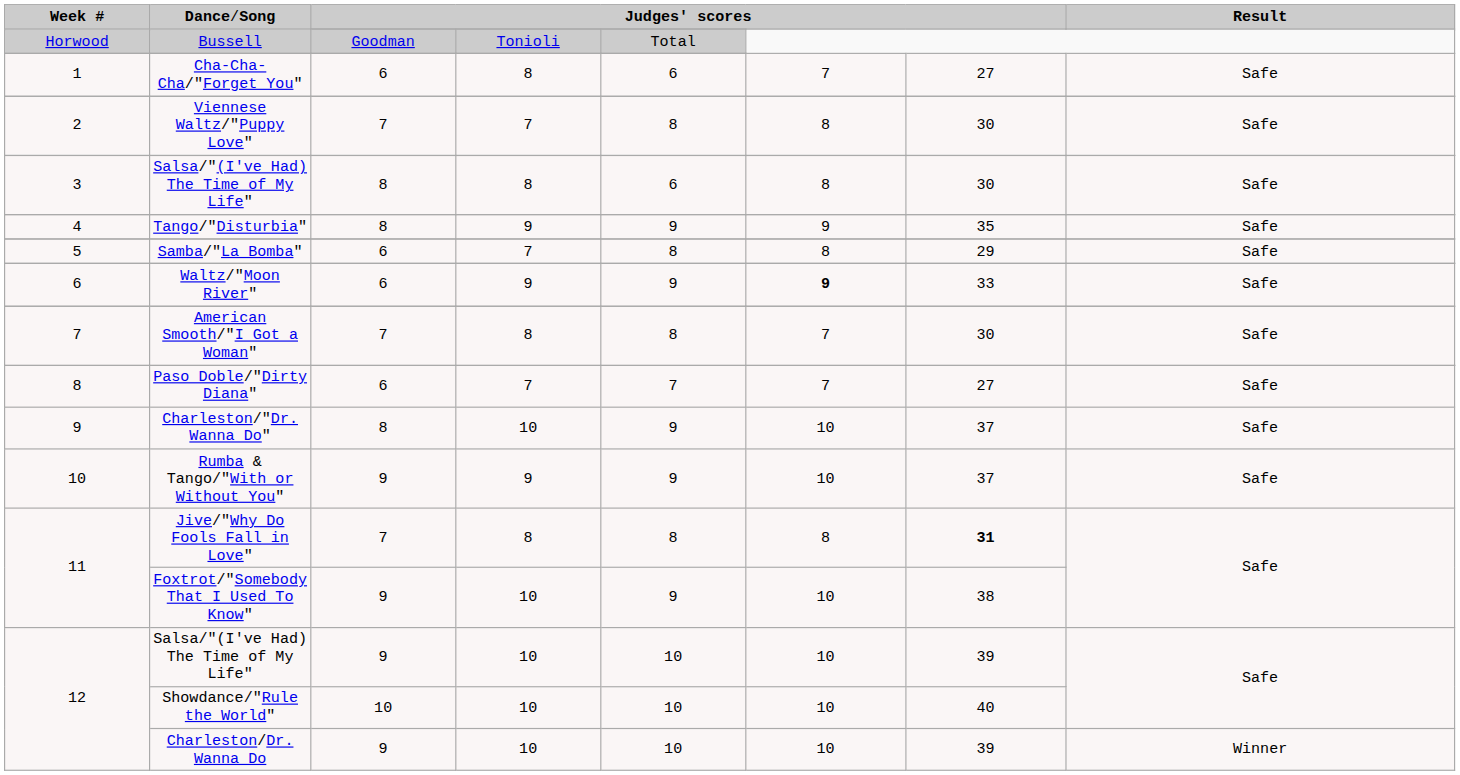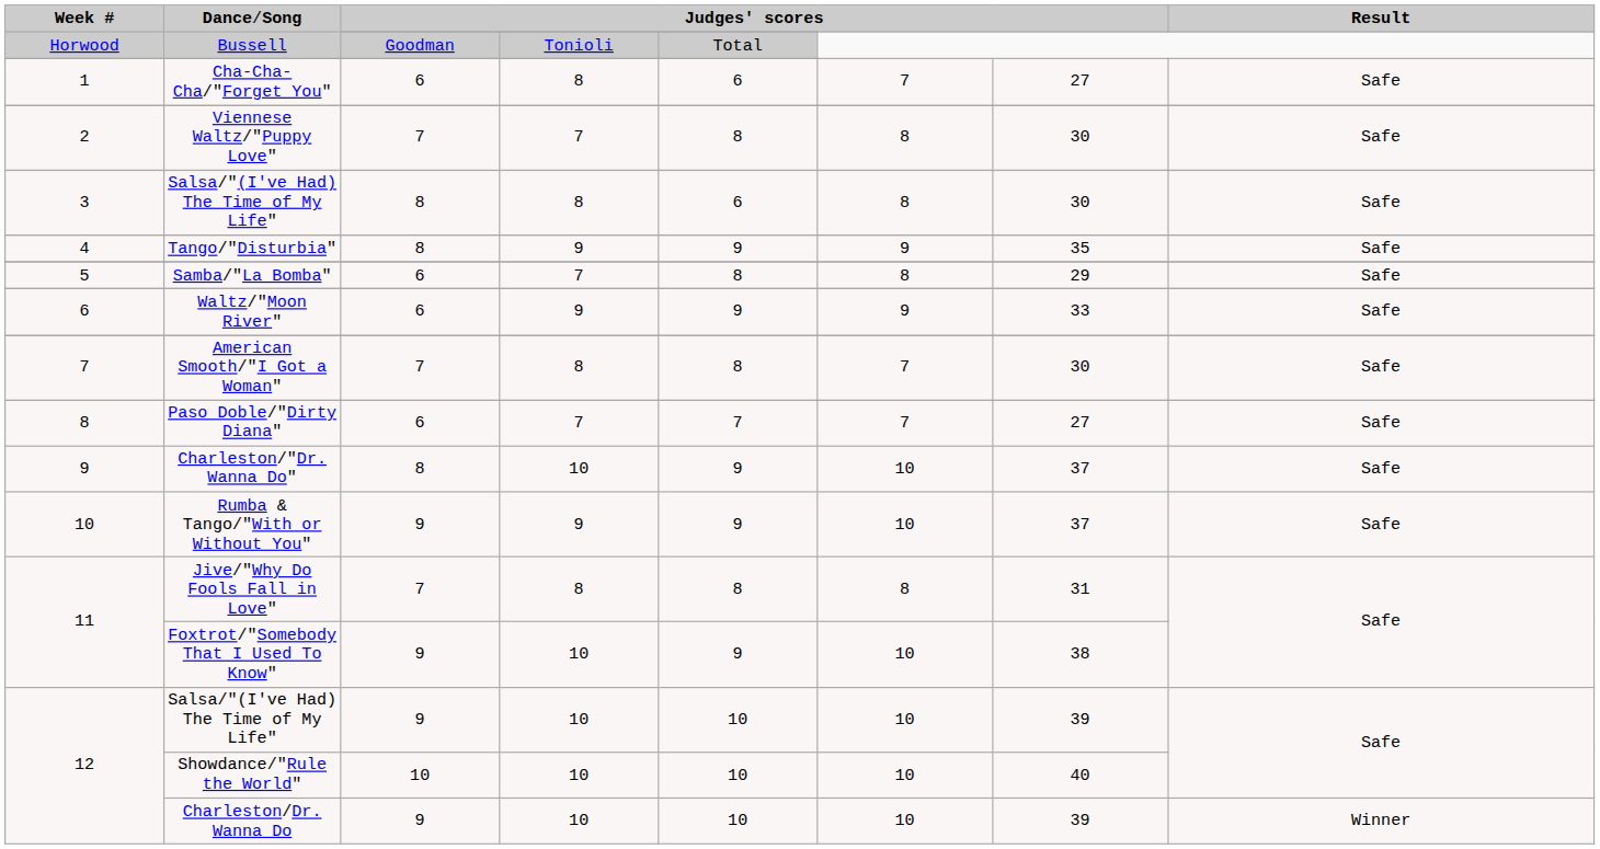 <table class="wikitable" align="left">
 <tr>
 <td rowspan="2" bgcolor="CCCCCC" align="Center"><strong>Week #</strong></td>
 <td rowspan="2" bgcolor="CCCCCC" align="Center"><strong>Dance</strong>/<strong>Song</strong></td>
 <td colspan="5" bgcolor="CCCCCC" align="Center"><strong>Judges' scores</strong></td>
 <td rowspan="2" bgcolor="CCCCCC" align="Center"><strong>Result</strong></td>
 </tr>
 <tr>
 </tr>
 <tr>
 <td bgcolor="CCCCCC" width="10%" align="center"><a href='#'>Horwood</a></td>
 <td bgcolor="CCCCCC" width="10%" align="center"><a href='#'>Bussell</a></td>
 <td bgcolor="CCCCCC" width="10%" align="center"><a href='#'>Goodman</a></td>
 <td bgcolor="CCCCCC" width="10%" align="center"><a href='#'>Tonioli</a></td>
 <td bgcolor="CCCCCC" width="10%" align="center">Total</td>
 </tr>
 <tr>
 </tr>
 <tr>
 <td align="center" bgcolor="FAF6F6">1</td>
 <td align="center" bgcolor="FAF6F6"><a href='#'>Cha-Cha-Cha</a>/"<a href='#'>Forget You</a>"</td>
 <td align="center" bgcolor="FAF6F6">6</td>
 <td align="center" bgcolor="FAF6F6">8</td>
 <td align="center" bgcolor="FAF6F6">6</td>
 <td align="center" bgcolor="FAF6F6">7</td>
 <td align="center" bgcolor="FAF6F6">27</td>
 <td align="center" bgcolor="FAF6F6">Safe</td>
 </tr>
 <tr>
 </tr>
 <tr>
 <td align="center" bgcolor="FAF6F6">2</td>
 <td align="center" bgcolor="FAF6F6"><a href='#'>Viennese Waltz</a>/"<a href='#'>Puppy Love</a>"</td>
 <td align="center" bgcolor="FAF6F6">7</td>
 <td align="center" bgcolor="FAF6F6">7</td>
 <td align="center" bgcolor="FAF6F6">8</td>
 <td align="center" bgcolor="FAF6F6">8</td>
 <td align="center" bgcolor="FAF6F6">30</td>
 <td align="center" bgcolor="FAF6F6">Safe</td>
 </tr>
 <tr>
 </tr>
 <tr>
 <td align="center" bgcolor="FAF6F6">3</td>
 <td align="center" bgcolor="FAF6F6"><a href='#'>Salsa</a>/"<a href='#'>(I've Had) The Time of My Life</a>"</td>
 <td align="center" bgcolor="FAF6F6">8</td>
 <td align="center" bgcolor="FAF6F6">8</td>
 <td align="center" bgcolor="FAF6F6">6</td>
 <td align="center" bgcolor="FAF6F6">8</td>
 <td align="center" bgcolor="FAF6F6">30</td>
 <td align="center" bgcolor="FAF6F6">Safe</td>
 </tr>
 <tr>
 </tr>
 <tr>
 <td align="center" bgcolor="FAF6F6">4</td>
 <td align="center" bgcolor="FAF6F6"><a href='#'>Tango</a>/"<a href='#'>Disturbia</a>"</td>
 <td align="center" bgcolor="FAF6F6">8</td>
 <td align="center" bgcolor="FAF6F6">9</td>
 <td align="center" bgcolor="FAF6F6">9</td>
 <td align="center" bgcolor="FAF6F6">9</td>
 <td align="center" bgcolor="FAF6F6">35</td>
 <td align="center" bgcolor="FAF6F6">Safe</td>
 </tr>
 <tr>
 </tr>
 <tr>
 <td align="center" bgcolor="FAF6F6">5</td>
 <td align="center" bgcolor="FAF6F6"><a href='#'>Samba</a>/"<a href='#'>La Bomba</a>"</td>
 <td align="center" bgcolor="FAF6F6">6</td>
 <td align="center" bgcolor="FAF6F6">7</td>
 <td align="center" bgcolor="FAF6F6">8</td>
 <td align="center" bgcolor="FAF6F6">8</td>
 <td align="center" bgcolor="FAF6F6">29</td>
 <td align="center" bgcolor="FAF6F6">Safe</td>
 </tr>
 <tr>
 </tr>
 <tr>
 <td align="center" bgcolor="FAF6F6">6</td>
 <td align="center" bgcolor="FAF6F6"><a href='#'>Waltz</a>/"<a href='#'>Moon River</a>"</td>
 <td align="center" bgcolor="FAF6F6">6</td>
 <td align="center" bgcolor="FAF6F6">9</td>
 <td align="center" bgcolor="FAF6F6">9</td>
-<td align="center" bgcolor="FAF6F6"><strong>9</strong></td>
+<td align="center" bgcolor="FAF6F6">9</td>
 <td align="center" bgcolor="FAF6F6">33</td>
 <td align="center" bgcolor="FAF6F6">Safe</td>
 </tr>
 <tr>
 </tr>
 <tr>
 <td align="center" bgcolor="FAF6F6">7</td>
 <td align="center" bgcolor="FAF6F6"><a href='#'>American Smooth</a>/"<a href='#'>I Got a Woman</a>"</td>
 <td align="center" bgcolor="FAF6F6">7</td>
 <td align="center" bgcolor="FAF6F6">8</td>
 <td align="center" bgcolor="FAF6F6">8</td>
 <td align="center" bgcolor="FAF6F6">7</td>
 <td align="center" bgcolor="FAF6F6">30</td>
 <td align="center" bgcolor="FAF6F6">Safe</td>
 </tr>
 <tr>
 </tr>
 <tr>
 <td align="center" bgcolor="FAF6F6">8</td>
 <td align="center" bgcolor="FAF6F6"><a href='#'>Paso Doble</a>/"<a href='#'>Dirty Diana</a>"</td>
 <td align="center" bgcolor="FAF6F6">6</td>
 <td align="center" bgcolor="FAF6F6">7</td>
 <td align="center" bgcolor="FAF6F6">7</td>
 <td align="center" bgcolor="FAF6F6">7</td>
 <td align="center" bgcolor="FAF6F6">27</td>
 <td align="center" bgcolor="FAF6F6">Safe</td>
 </tr>
 <tr>
 <td align="center" bgcolor="FAF6F6">9</td>
 <td align="center" bgcolor="FAF6F6"><a href='#'>Charleston</a>/"<a href='#'>Dr. Wanna Do</a>"</td>
 <td align="center" bgcolor="FAF6F6">8</td>
 <td align="center" bgcolor="FAF6F6">10</td>
 <td align="center" bgcolor="FAF6F6">9</td>
 <td align="center" bgcolor="FAF6F6">10</td>
 <td align="center" bgcolor="FAF6F6">37</td>
 <td align="center" bgcolor="FAF6F6">Safe</td>
 </tr>
 <tr>
 <td align="center" bgcolor="FAF6F6">10</td>
 <td align="center" bgcolor="FAF6F6"><a href='#'>Rumba</a> & Tango/"<a href='#'>With or Without You</a>"</td>
 <td align="center" bgcolor="FAF6F6">9</td>
 <td align="center" bgcolor="FAF6F6">9</td>
 <td align="center" bgcolor="FAF6F6">9</td>
 <td align="center" bgcolor="FAF6F6">10</td>
 <td align="center" bgcolor="FAF6F6">37</td>
 <td align="center" bgcolor="FAF6F6">Safe</td>
 </tr>
 <tr>
 <td align="center" bgcolor="FAF6F6" rowspan=2>11</td>
 <td align="center" bgcolor="FAF6F6"><a href='#'>Jive</a>/"<a href='#'>Why Do Fools Fall in Love</a>"</td>
 <td align="center" bgcolor="FAF6F6">7</td>
 <td align="center" bgcolor="FAF6F6">8</td>
 <td align="center" bgcolor="FAF6F6">8</td>
 <td align="center" bgcolor="FAF6F6">8</td>
-<td align="center" bgcolor="FAF6F6"><strong>31</strong></td>
+<td align="center" bgcolor="FAF6F6">31</td>
 <td align="center" bgcolor="FAF6F6" rowspan=2>Safe</td>
 </tr>
 <tr>
 <td align="center" bgcolor="FAF6F6"><a href='#'>Foxtrot</a>/"<a href='#'>Somebody That I Used To Know</a>"</td>
 <td align="center" bgcolor="FAF6F6">9</td>
 <td align="center" bgcolor="FAF6F6">10</td>
 <td align="center" bgcolor="FAF6F6">9</td>
 <td align="center" bgcolor="FAF6F6">10</td>
 <td align="center" bgcolor="FAF6F6">38</td>
 </tr>
 <tr>
 <td align="center" bgcolor="FAF6F6" rowspan=3>12</td>
 <td align="center" bgcolor="FAF6F6">Salsa/"(I've Had) The Time of My Life"</td>
 <td align="center" bgcolor="FAF6F6">9</td>
 <td align="center" bgcolor="FAF6F6">10</td>
 <td align="center" bgcolor="FAF6F6">10</td>
 <td align="center" bgcolor="FAF6F6">10</td>
 <td align="center" bgcolor="FAF6F6">39</td>
 <td align="center" bgcolor="FAF6F6" rowspan=2>Safe</td>
 </tr>
 <tr>
 <td align="center" bgcolor="FAF6F6">Showdance/"<a href='#'>Rule the World</a>"</td>
 <td align="center" bgcolor="FAF6F6">10</td>
 <td align="center" bgcolor="FAF6F6">10</td>
 <td align="center" bgcolor="FAF6F6">10</td>
 <td align="center" bgcolor="FAF6F6">10</td>
 <td align="center" bgcolor="FAF6F6">40</td>
 </tr>
 <tr>
 <td align="center" bgcolor="FAF6F6"><a href='#'>Charleston</a>/<a href='#'>Dr. Wanna Do</a></td>
 <td align="center" bgcolor="FAF6F6">9</td>
 <td align="center" bgcolor="FAF6F6">10</td>
 <td align="center" bgcolor="FAF6F6">10</td>
 <td align="center" bgcolor="FAF6F6">10</td>
 <td align="center" bgcolor="FAF6F6">39</td>
 <td align="center" bgcolor="FAF6F6">Winner</td>
 </tr>
 </table>
